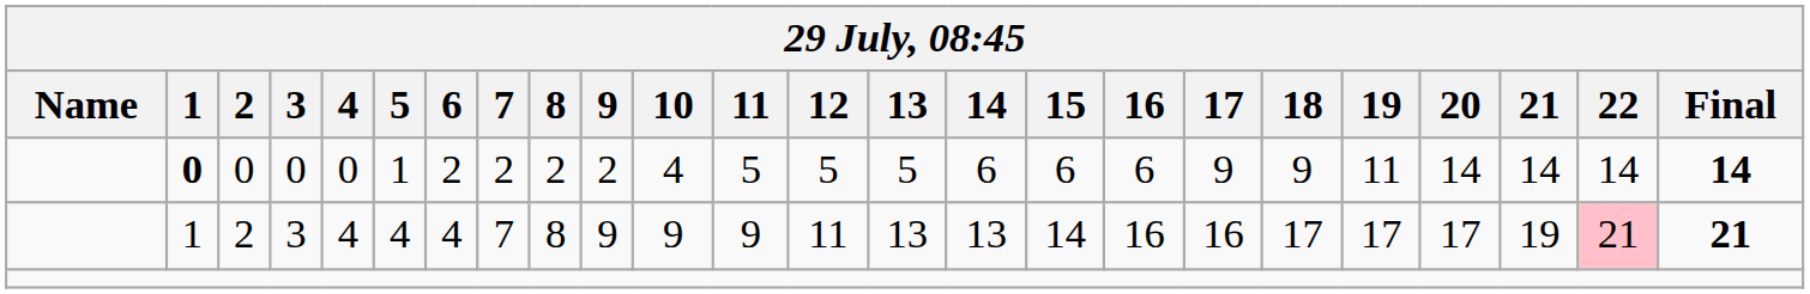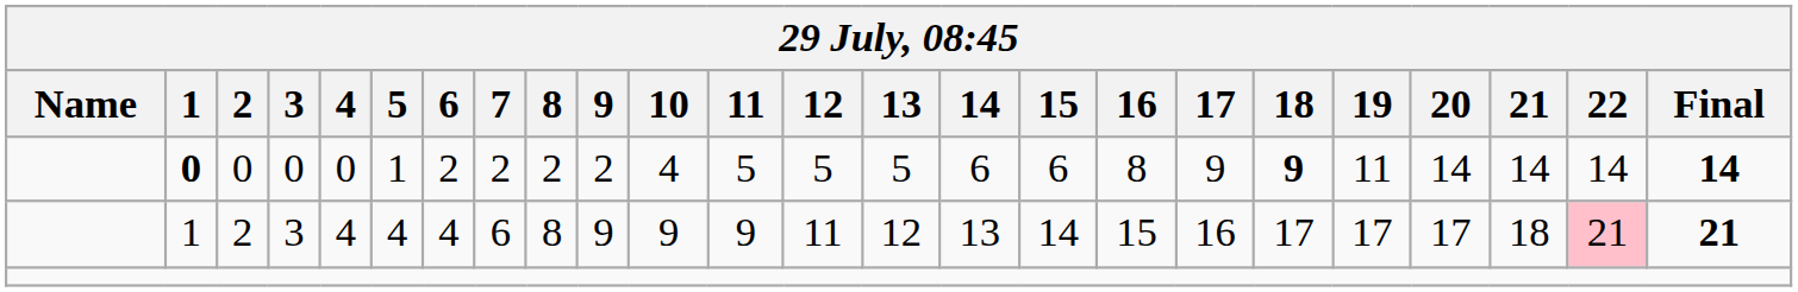 <table class=wikitable style="text-align:center; width: 55%">
 <tr>
 <th colspan=24><em>29 July, 08:45</em></th>
 </tr>
 <tr>
 <th>Name</th>
 <th>1</th>
 <th>2</th>
 <th>3</th>
 <th>4</th>
 <th>5</th>
 <th>6</th>
 <th>7</th>
 <th>8</th>
 <th>9</th>
 <th>10</th>
 <th>11</th>
 <th>12</th>
 <th>13</th>
 <th>14</th>
 <th>15</th>
 <th>16</th>
 <th>17</th>
 <th>18</th>
 <th>19</th>
 <th>20</th>
 <th>21</th>
 <th>22</th>
 <th>Final</th>
 </tr>
 <tr>
 <td align=left></td>
 <td><strong>0</strong></td>
 <td>0</td>
 <td>0</td>
 <td>0</td>
 <td>1</td>
 <td>2</td>
 <td>2</td>
 <td>2</td>
 <td>2</td>
 <td>4</td>
 <td>5</td>
 <td>5</td>
 <td>5</td>
 <td>6</td>
 <td>6</td>
-<td>6</td>
+<td>8</td>
 <td>9</td>
-<td>9</td>
+<td><strong>9</strong></td>
 <td>11</td>
 <td>14</td>
 <td>14</td>
 <td>14</td>
 <td><strong>14</strong></td>
 </tr>
 <tr>
 <td align=left><strong></strong></td>
 <td>1</td>
 <td>2</td>
 <td>3</td>
 <td>4</td>
 <td>4</td>
 <td>4</td>
-<td>7</td>
+<td>6</td>
 <td>8</td>
 <td>9</td>
 <td>9</td>
 <td>9</td>
 <td>11</td>
-<td>13</td>
+<td>12</td>
 <td>13</td>
 <td>14</td>
-<td>16</td>
+<td>15</td>
 <td>16</td>
 <td>17</td>
 <td>17</td>
 <td>17</td>
-<td>19</td>
+<td>18</td>
 <td style="background: pink;">21</td>
 <td><strong>21</strong></td>
 </tr>
 <tr>
 <td colspan=24></td>
 </tr>
 </table>
